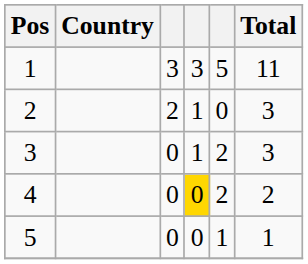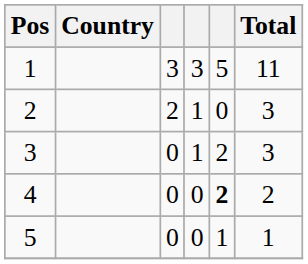 <table class=wikitable style="font-size:95%; text-align: center">
 <tr>
 <th>Pos</th>
 <th>Country</th>
 <th></th>
 <th></th>
 <th></th>
 <th>Total</th>
 </tr>
 <tr>
 <td>1</td>
 <td style=text-align:left></td>
 <td>3</td>
 <td>3</td>
 <td>5</td>
 <td>11</td>
 </tr>
 <tr>
 <td>2</td>
 <td style=text-align:left></td>
 <td>2</td>
 <td>1</td>
 <td>0</td>
 <td>3</td>
 </tr>
 <tr>
 <td>3</td>
 <td style=text-align:left></td>
 <td>0</td>
 <td>1</td>
 <td>2</td>
 <td>3</td>
 </tr>
 <tr>
 <td>4</td>
 <td style=text-align:left></td>
 <td>0</td>
-<td style="background: gold;">0</td>
-<td>2</td>
+<td>0</td>
+<td><strong>2</strong></td>
 <td>2</td>
 </tr>
 <tr>
 <td>5</td>
 <td style=text-align:left></td>
 <td>0</td>
 <td>0</td>
 <td>1</td>
 <td>1</td>
 </tr>
 <tr>
 </tr>
 </table>
